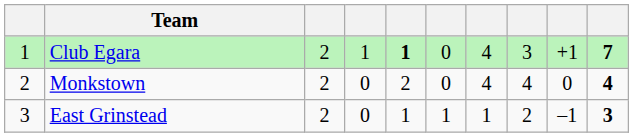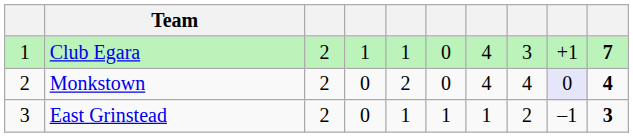 <table class=wikitable style="text-align:center">
 <tr align=center>
 <th width=25></th>
 <th width=200>Team</th>
 <th width=25></th>
 <th width=25></th>
 <th width=25></th>
 <th width=25></th>
 <th width=25></th>
 <th width=25></th>
 <th width=25></th>
 <th width=25></th>
 </tr>
 <tr bgcolor=bbf3bb>
 <td>1</td>
 <td align=left> <a href='#'>Club Egara</a></td>
 <td>2</td>
 <td>1</td>
-<td><strong>1</strong></td>
+<td>1</td>
 <td>0</td>
 <td>4</td>
 <td>3</td>
 <td>+1</td>
 <td><strong>7</strong></td>
 </tr>
 <tr>
 <td>2</td>
 <td align=left> <a href='#'>Monkstown</a></td>
 <td>2</td>
 <td>0</td>
 <td>2</td>
 <td>0</td>
 <td>4</td>
 <td>4</td>
-<td>0</td>
+<td style="background: lavender;">0</td>
 <td><strong>4</strong></td>
 </tr>
 <tr>
 <td>3</td>
 <td align=left> <a href='#'>East Grinstead</a></td>
 <td>2</td>
 <td>0</td>
 <td>1</td>
 <td>1</td>
 <td>1</td>
 <td>2</td>
 <td>–1</td>
 <td><strong>3</strong></td>
 </tr>
 </table>
